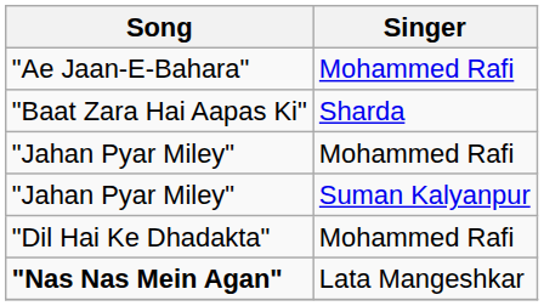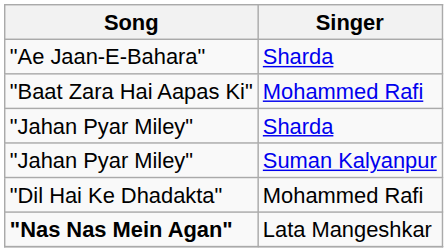 <table class="wikitable" style="font-size:95%;">
 <tr>
 <th>Song</th>
 <th>Singer</th>
 </tr>
 <tr>
 <td>"Ae Jaan-E-Bahara"</td>
+<td><a href='#'>Sharda</a></td>
+</tr>
+<tr>
+<td>"Baat Zara Hai Aapas Ki"</td>
 <td><a href='#'>Mohammed Rafi</a></td>
 </tr>
 <tr>
-<td>"Baat Zara Hai Aapas Ki"</td>
+<td>"Jahan Pyar Miley"</td>
 <td><a href='#'>Sharda</a></td>
-</tr>
-<tr>
-<td>"Jahan Pyar Miley"</td>
-<td>Mohammed Rafi</td>
 </tr>
 <tr>
 <td>"Jahan Pyar Miley"</td>
 <td><a href='#'>Suman Kalyanpur</a></td>
 </tr>
 <tr>
 <td>"Dil Hai Ke Dhadakta"</td>
 <td>Mohammed Rafi</td>
 </tr>
 <tr>
 <td><strong>"Nas Nas Mein Agan"</strong></td>
 <td>Lata Mangeshkar</td>
 </tr>
 <tr>
 </tr>
 </table>
